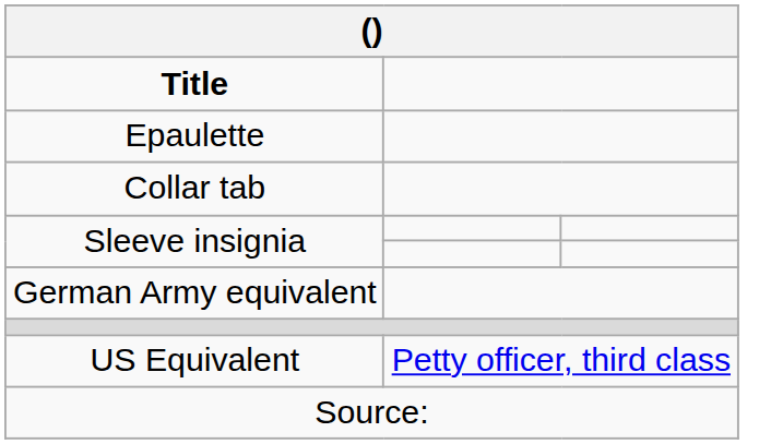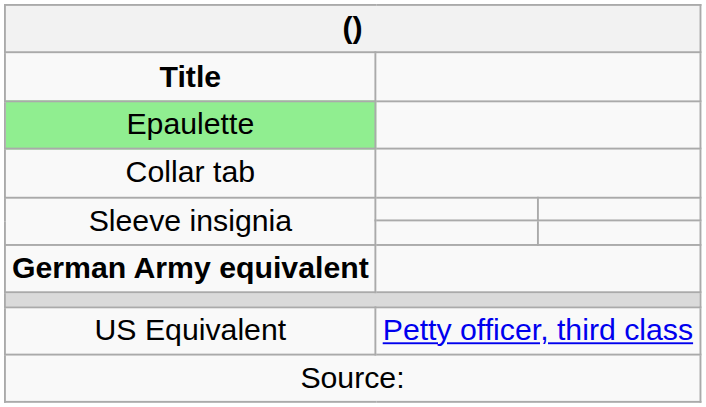 <table class="wikitable" style="text-align:center;">
 <tr>
 <th colspan=3> ()</th>
 </tr>
 <tr>
 <td><strong>Title</strong></td>
 <td colspan="2"></td>
 </tr>
 <tr style="text-align:center;">
-<td>Epaulette<br></td>
+<td style="background: lightgreen;">Epaulette<br></td>
 <td colspan=2></td>
 </tr>
 <tr>
 <td>Collar tab</td>
 <td colspan="2"></td>
 </tr>
 <tr>
 <td rowspan="2">Sleeve insignia</td>
 <td></td>
 <td></td>
 </tr>
 <tr>
 <td></td>
 <td></td>
 </tr>
 <tr>
-<td>German Army equivalent</td>
+<td><strong>German Army equivalent</strong></td>
 <td colspan=2></td>
 </tr>
 <tr>
 <th colspan=3 style="background:#dadada"></th>
 </tr>
 <tr align="center">
 <td>US Equivalent</td>
 <td colspan="2"><a href='#'>Petty officer, third class</a></td>
 </tr>
 <tr>
 <td colspan=3>Source:</td>
 </tr>
 </table>
